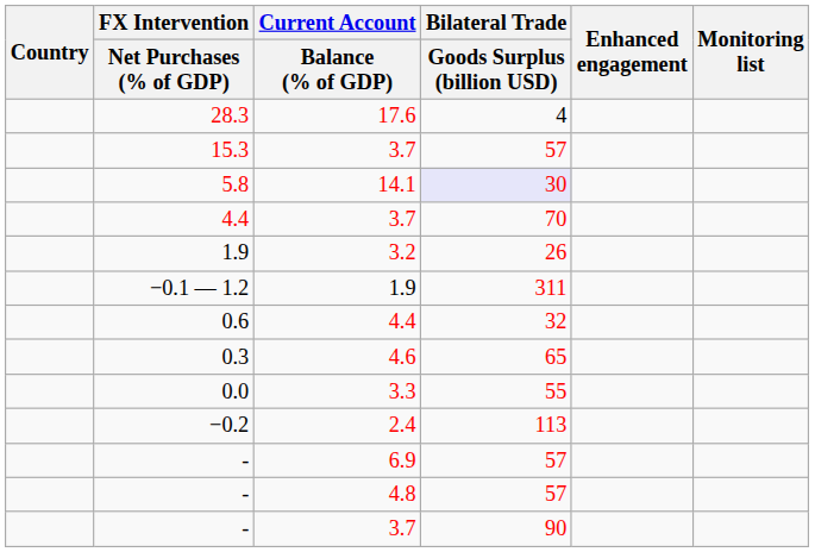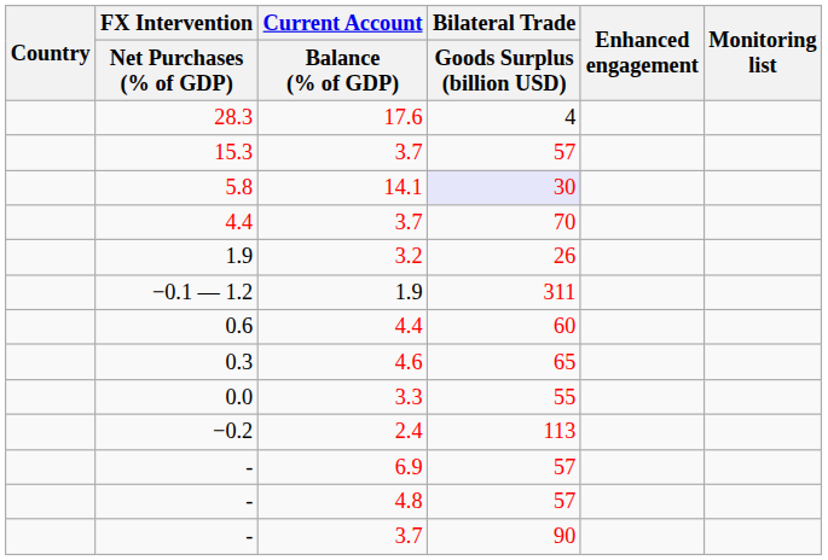 <table class="wikitable sortable mw-collapsible mw-collapsed" style="text-align:right;">
 <tr>
 <th rowspan="2">Country</th>
 <th>FX Intervention</th>
 <th><a href='#'>Current Account</a></th>
 <th>Bilateral Trade</th>
 <th rowspan=2>Enhanced<br>engagement</th>
 <th rowspan=2>Monitoring <br> list</th>
 </tr>
 <tr>
 <th>Net Purchases<br>(% of GDP)<br></th>
 <th>Balance<br>(% of GDP)<br></th>
 <th>Goods Surplus<br>(billion USD)<br></th>
 </tr>
 <tr>
 <td style="text-align:left;"></td>
 <td style="font-weigbt:bold; color:red;">28.3</td>
 <td style="font-weigbt:bold; color:red;">17.6</td>
 <td>4</td>
 <td></td>
 <td></td>
 </tr>
 <tr>
 <td style="text-align:left;"></td>
 <td style="font-weigbt:bold; color:red;">15.3</td>
 <td style="font-weigbt:bold; color:red;">3.7</td>
 <td style="font-weigbt:bold; color:red;">57</td>
 <td></td>
 <td></td>
 </tr>
 <tr>
 <td style="text-align:left;"></td>
 <td style="font-weigbt:bold; color:red;">5.8</td>
 <td style="font-weigbt:bold; color:red;">14.1</td>
 <td style="background: lavender; font-weigbt:bold; color:red;">30</td>
 <td></td>
 <td></td>
 </tr>
 <tr>
 <td style="text-align:left;"></td>
 <td style="font-weigbt:bold; color:red;">4.4</td>
 <td style="font-weigbt:bold; color:red;">3.7</td>
 <td style="font-weigbt:bold; color:red;">70</td>
 <td></td>
 <td></td>
 </tr>
 <tr>
 <td style="text-align:left;"></td>
 <td>1.9</td>
 <td style="font-weigbt:bold; color:red;">3.2</td>
 <td style="font-weigbt:bold; color:red;">26</td>
 <td></td>
 <td></td>
 </tr>
 <tr>
 <td style="text-align:left;"></td>
 <td>−0.1 — 1.2</td>
 <td>1.9</td>
 <td style="font-weigbt:bold; color:red;">311</td>
 <td></td>
 <td></td>
 </tr>
 <tr>
 <td style="text-align:left;"></td>
 <td>0.6</td>
 <td style="font-weigbt:bold; color:red;">4.4</td>
-<td style="font-weigbt:bold; color:red;">32</td>
+<td style="font-weigbt:bold; color:red;">60</td>
 <td></td>
 <td></td>
 </tr>
 <tr>
 <td style="text-align:left;"></td>
 <td>0.3</td>
 <td style="font-weigbt:bold; color:red;">4.6</td>
 <td style="font-weigbt:bold; color:red;">65</td>
 <td></td>
 <td></td>
 </tr>
 <tr>
 <td style="text-align:left;"></td>
 <td>0.0</td>
 <td style="font-weigbt:bold; color:red;">3.3</td>
 <td style="font-weigbt:bold; color:red;">55</td>
 <td></td>
 <td></td>
 </tr>
 <tr>
 <td style="text-align:left;"></td>
 <td>−0.2</td>
 <td style="font-weigbt:bold; color:red;">2.4</td>
 <td style="font-weigbt:bold; color:red;">113</td>
 <td></td>
 <td></td>
 </tr>
 <tr>
 <td style="text-align:left;"></td>
 <td>-</td>
 <td style="font-weigbt:bold; color:red;">6.9</td>
 <td style="font-weigbt:bold; color:red;">57</td>
 <td></td>
 <td></td>
 </tr>
 <tr>
 <td style="text-align:left;"></td>
 <td>-</td>
 <td style="font-weigbt:bold; color:red;">4.8</td>
 <td style="font-weigbt:bold; color:red;">57</td>
 <td></td>
 <td></td>
 </tr>
 <tr>
 <td style="text-align:left;"></td>
 <td>-</td>
 <td style="font-weigbt:bold; color:red;">3.7</td>
 <td style="font-weigbt:bold; color:red;">90</td>
 <td></td>
 <td></td>
 </tr>
 </table>
